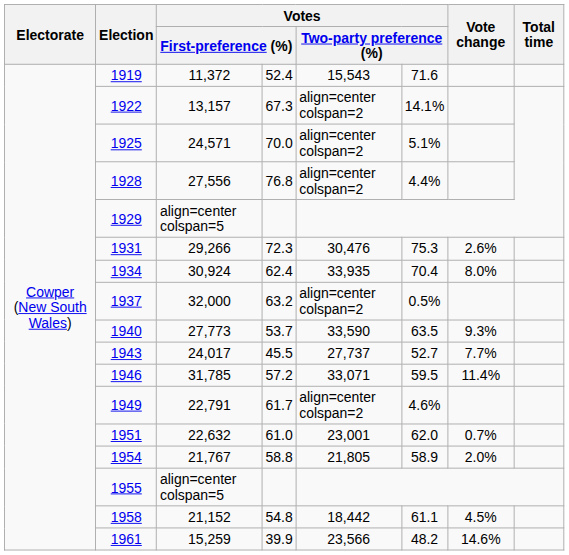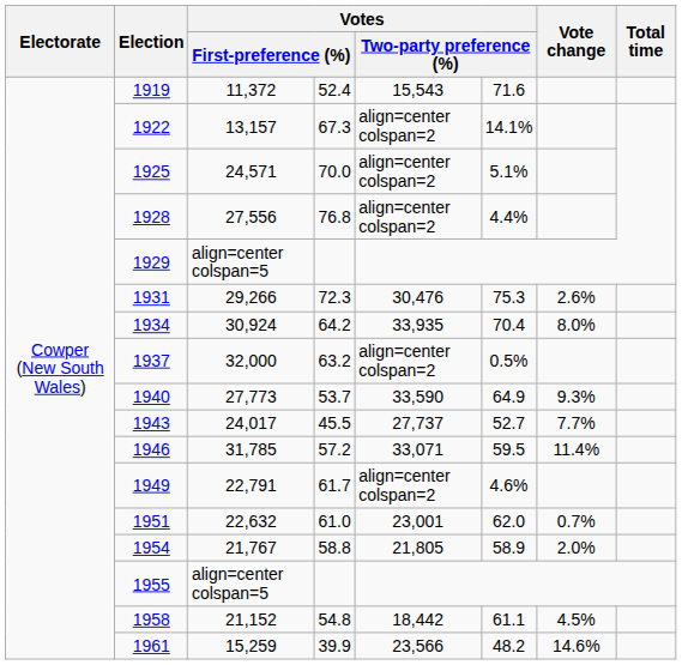 <table class="wikitable" style="text-align:left; font-size:95%">
 <tr>
 <th rowspan=2>Electorate</th>
 <th rowspan=2>Election</th>
 <th colspan=4>Votes</th>
 <th rowspan=2>Vote change</th>
 <th rowspan=2>Total time</th>
 </tr>
 <tr>
 <th colspan=2><a href='#'>First-preference</a> (%)</th>
 <th colspan=2><a href='#'>Two-party preference</a> (%)</th>
 </tr>
 <tr>
 <td rowspan=17 align=center><a href='#'>Cowper</a><br>(<a href='#'>New South Wales</a>)</td>
 <td align=center><a href='#'>1919</a></td>
 <td align=center>11,372</td>
 <td align=center>52.4</td>
 <td align=center>15,543</td>
 <td align=center>71.6</td>
 <td></td>
 <td></td>
 </tr>
 <tr>
 <td align=center><a href='#'>1922</a></td>
 <td align=center>13,157</td>
 <td align=center>67.3</td>
 <td>align=center colspan=2 </td>
 <td align=center> 14.1%</td>
 <td align=center></td>
 </tr>
 <tr>
 <td align=center><a href='#'>1925</a></td>
 <td align=center>24,571</td>
 <td align=center>70.0</td>
 <td>align=center colspan=2 </td>
 <td align=center> 5.1%</td>
 <td align=center></td>
 </tr>
 <tr>
 <td align=center><a href='#'>1928</a></td>
 <td align=center>27,556</td>
 <td align=center>76.8</td>
 <td>align=center colspan=2 </td>
 <td align=center> 4.4%</td>
 <td align=center></td>
 </tr>
 <tr>
 <td align=center><a href='#'>1929</a></td>
 <td>align=center colspan=5 </td>
 <td align=center></td>
 </tr>
 <tr>
 <td align=center><a href='#'>1931</a></td>
 <td align=center>29,266</td>
 <td align=center>72.3</td>
 <td align=center>30,476</td>
 <td align=center>75.3</td>
 <td align=center> 2.6%</td>
 <td align=center></td>
 </tr>
 <tr>
 <td align=center><a href='#'>1934</a></td>
 <td align=center>30,924</td>
-<td align=center>62.4</td>
+<td align=center>64.2</td>
 <td align=center>33,935</td>
 <td align=center>70.4</td>
 <td align=center> 8.0%</td>
 <td align=center></td>
 </tr>
 <tr>
 <td align=center><a href='#'>1937</a></td>
 <td align=center>32,000</td>
 <td align=center>63.2</td>
 <td>align=center colspan=2 </td>
 <td align=center> 0.5%</td>
 <td align=center></td>
 </tr>
 <tr>
 <td align=center><a href='#'>1940</a></td>
 <td align=center>27,773</td>
 <td align=center>53.7</td>
 <td align=center>33,590</td>
-<td align=center>63.5</td>
+<td align=center>64.9</td>
 <td align=center> 9.3%</td>
 <td align=center></td>
 </tr>
 <tr>
 <td align=center><a href='#'>1943</a></td>
 <td align=center>24,017</td>
 <td align=center>45.5</td>
 <td align=center>27,737</td>
 <td align=center>52.7</td>
 <td align=center> 7.7%</td>
 <td align=center></td>
 </tr>
 <tr>
 <td align=center><a href='#'>1946</a></td>
 <td align=center>31,785</td>
 <td align=center>57.2</td>
 <td align=center>33,071</td>
 <td align=center>59.5</td>
 <td align=center> 11.4%</td>
 <td align=center></td>
 </tr>
 <tr>
 <td align=center><a href='#'>1949</a></td>
 <td align=center>22,791</td>
 <td align=center>61.7</td>
 <td>align=center colspan=2 </td>
 <td align=center> 4.6%</td>
 <td align=center></td>
 </tr>
 <tr>
 <td align=center><a href='#'>1951</a></td>
 <td align=center>22,632</td>
 <td align=center>61.0</td>
 <td align=center>23,001</td>
 <td align=center>62.0</td>
 <td align=center> 0.7%</td>
 <td align=center></td>
 </tr>
 <tr>
 <td align=center><a href='#'>1954</a></td>
 <td align=center>21,767</td>
 <td align=center>58.8</td>
 <td align=center>21,805</td>
 <td align=center>58.9</td>
 <td align=center> 2.0%</td>
 <td align=center></td>
 </tr>
 <tr>
 <td align=center><a href='#'>1955</a></td>
 <td>align=center colspan=5 </td>
 <td align=center></td>
 </tr>
 <tr>
 <td align=center><a href='#'>1958</a></td>
 <td align=center>21,152</td>
 <td align=center>54.8</td>
 <td align=center>18,442</td>
 <td align=center>61.1</td>
 <td align=center> 4.5%</td>
 <td align=center></td>
 </tr>
 <tr>
 <td align=center><a href='#'>1961</a></td>
 <td align=center>15,259</td>
 <td align=center>39.9</td>
 <td align=center>23,566</td>
 <td align=center>48.2</td>
 <td align=center> 14.6%</td>
 <td align=center></td>
 </tr>
 </table>
